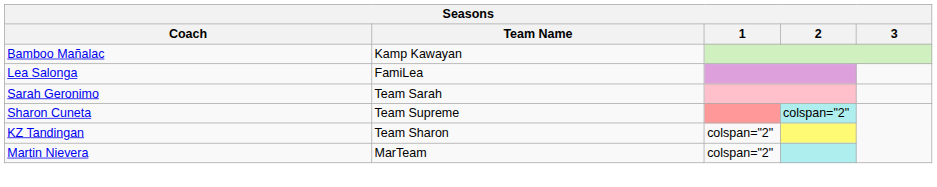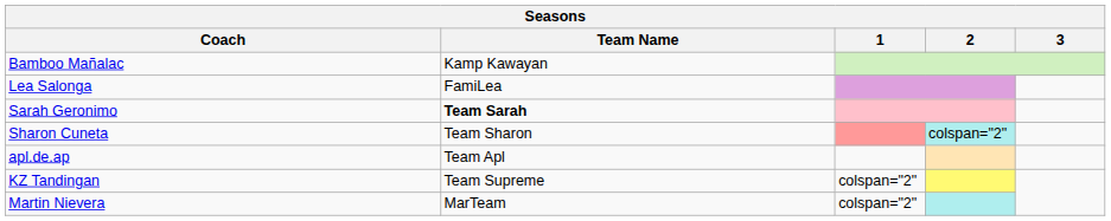 <table class="wikitable" style="width:60%;">
 <tr>
 <th colspan="5">Seasons</th>
 </tr>
 <tr>
 <th>Coach</th>
 <th>Team Name</th>
 <th width="90">1</th>
 <th width="90">2</th>
 <th width="90">3</th>
 </tr>
 <tr>
 <td><a href='#'>Bamboo Mañalac</a></td>
 <td>Kamp Kawayan</td>
 <td colspan="3" bgcolor="#d0f0c0"></td>
 </tr>
 <tr>
 <td><a href='#'>Lea Salonga</a></td>
 <td>FamiLea</td>
 <td colspan="2" bgcolor="#dda0dd"></td>
 <td></td>
 </tr>
 <tr>
 <td><a href='#'>Sarah Geronimo</a></td>
-<td>Team Sarah</td>
+<td><strong>Team Sarah</strong></td>
 <td colspan="2" bgcolor="pink"></td>
 <td></td>
 </tr>
 <tr>
 <td><a href='#'>Sharon Cuneta</a></td>
-<td>Team Supreme</td>
+<td>Team Sharon</td>
 <td colspan="1" bgcolor="#f99"></td>
 <td style="background: paleturquoise;">colspan="2" </td>
 </tr>
 <tr>
+<td><a href='#'>apl.de.ap</a></td>
+<td>Team Apl</td>
+<td></td>
+<td colspan="1" bgcolor="#ffe5b4"></td>
+<td></td>
+</tr>
+<tr>
 <td><a href='#'>KZ Tandingan</a></td>
-<td>Team Sharon</td>
+<td>Team Supreme</td>
 <td>colspan="2" </td>
 <td colspan="1" bgcolor="#fffa73"></td>
 </tr>
 <tr>
 <td><a href='#'>Martin Nievera</a></td>
 <td>MarTeam</td>
 <td>colspan="2" </td>
 <td colspan="1" bgcolor="#afeeee"></td>
 </tr>
 </table>
